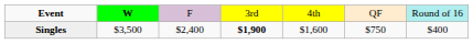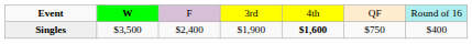 <table class=wikitable style=font-size:95%;text-align:center>
 <tr>
 <td style="width:130px"><strong>Event</strong></td>
 <td style="width:85px; background:lime"><strong>W</strong></td>
 <td style="width:85px; background:thistle">F</td>
 <td style="width:85px; background:#ffff00">3rd</td>
 <td style="width:85px; background:#ffff00">4th</td>
 <td style="width:85px; background:#ffebcd">QF</td>
 <td style="width:85px; background:#afeeee">Round of 16</td>
 </tr>
 <tr>
 <th style=background:#efefef>Singles </th>
 <td>$3,500</td>
 <td>$2,400</td>
-<td><strong>$1,900</strong></td>
-<td>$1,600</td>
+<td>$1,900</td>
+<td><strong>$1,600</strong></td>
 <td>$750</td>
 <td>$400</td>
 </tr>
 </table>
